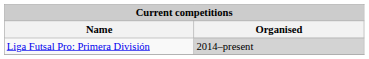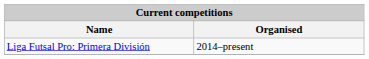 <table class="wikitable sortable">
 <tr>
 <td colspan="2" style= "background: #cccccc; text-align:center;"><strong>Current competitions</strong></td>
 </tr>
 <tr>
 <th width=280px>Name</th>
 <th width=250px>Organised</th>
 </tr>
 <tr>
 <td><a href='#'>Liga Futsal Pro: Primera División</a></td>
-<td style="background: lightgrey;">2014–present</td>
+<td>2014–present</td>
 </tr>
 <tr>
 </tr>
 </table>
